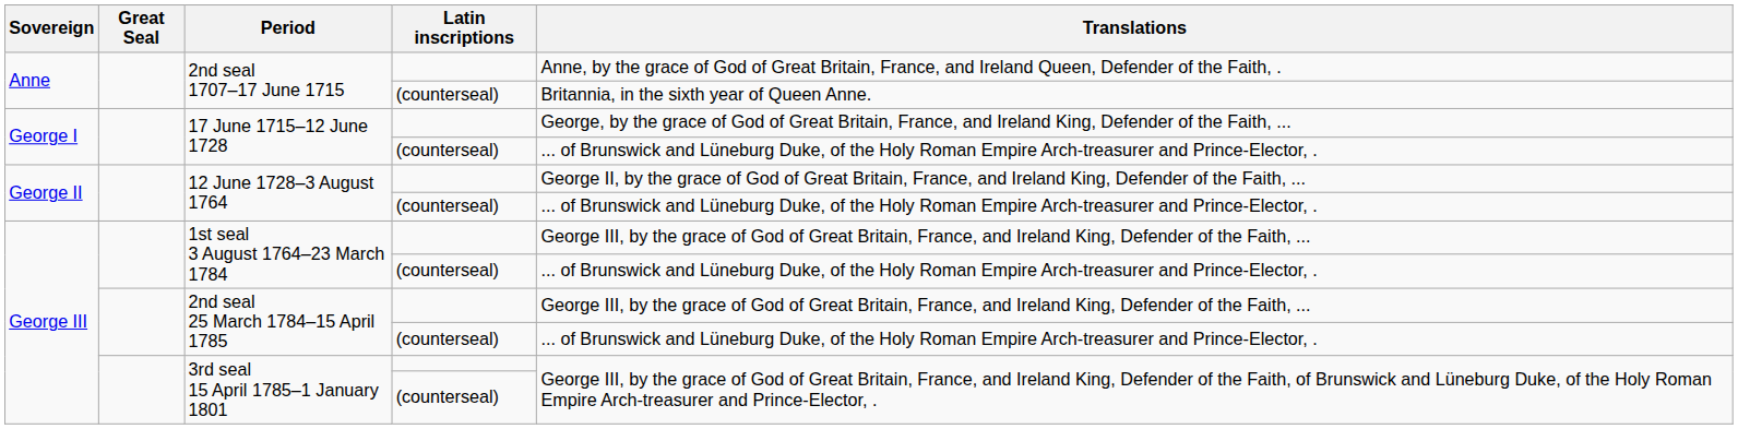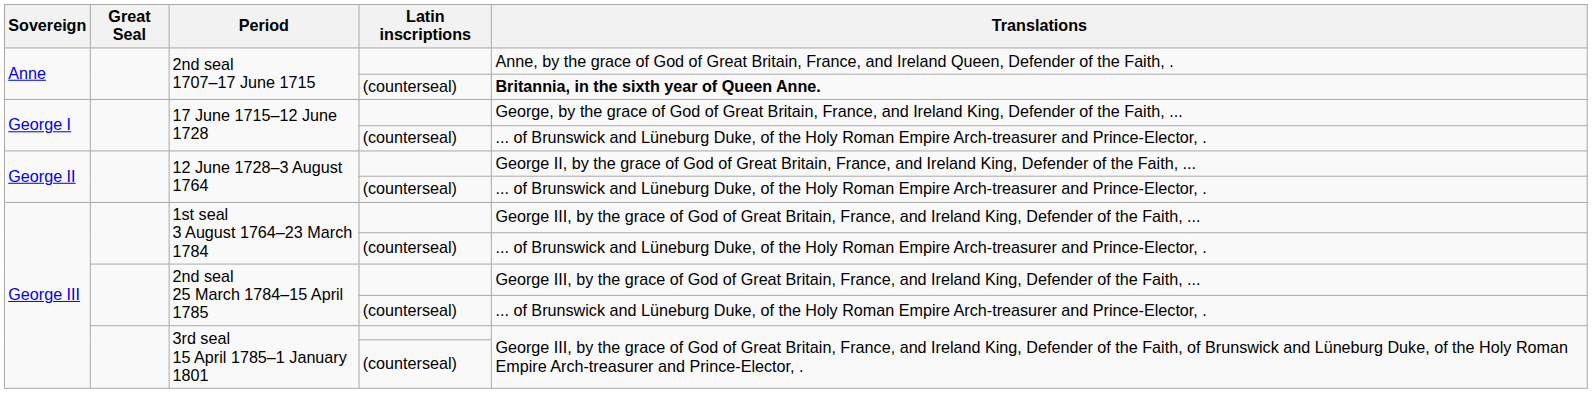 <table class="wikitable">
 <tr>
 <th>Sovereign</th>
 <th>Great Seal</th>
 <th>Period</th>
 <th>Latin inscriptions</th>
 <th>Translations</th>
 </tr>
 <tr>
 <td rowspan="2"><a href='#'>Anne</a></td>
 <td rowspan="2"></td>
 <td rowspan="2">2nd seal<br>1707–17 June 1715</td>
 <td></td>
 <td>Anne, by the grace of God of Great Britain, France, and Ireland Queen, Defender of the Faith, .</td>
 </tr>
 <tr>
 <td> (counterseal)</td>
-<td>Britannia, in the sixth year of Queen Anne.</td>
+<td><strong>Britannia, in the sixth year of Queen Anne.</strong></td>
 </tr>
 <tr>
 <td rowspan="2"><a href='#'>George I</a></td>
 <td rowspan="2"></td>
 <td rowspan="2">17 June 1715–12 June 1728</td>
 <td></td>
 <td>George, by the grace of God of Great Britain, France, and Ireland King, Defender of the Faith, ...</td>
 </tr>
 <tr>
 <td> (counterseal)</td>
 <td>... of Brunswick and Lüneburg Duke, of the Holy Roman Empire Arch-treasurer and Prince-Elector, .</td>
 </tr>
 <tr>
 <td rowspan="2"><a href='#'>George II</a></td>
 <td rowspan="2"></td>
 <td rowspan="2">12 June 1728–3 August 1764</td>
 <td></td>
 <td>George II, by the grace of God of Great Britain, France, and Ireland King, Defender of the Faith, ...</td>
 </tr>
 <tr>
 <td> (counterseal)</td>
 <td>... of Brunswick and Lüneburg Duke, of the Holy Roman Empire Arch-treasurer and Prince-Elector, .</td>
 </tr>
 <tr>
 <td rowspan="6"><a href='#'>George III</a></td>
 <td rowspan="2"></td>
 <td rowspan="2">1st seal<br>3 August 1764–23 March 1784</td>
 <td></td>
 <td>George III, by the grace of God of Great Britain, France, and Ireland King, Defender of the Faith, ...</td>
 </tr>
 <tr>
 <td> (counterseal)</td>
 <td>... of Brunswick and Lüneburg Duke, of the Holy Roman Empire Arch-treasurer and Prince-Elector, .</td>
 </tr>
 <tr>
 <td rowspan="2"></td>
 <td rowspan="2">2nd seal<br>25 March 1784–15 April 1785</td>
 <td></td>
 <td>George III, by the grace of God of Great Britain, France, and Ireland King, Defender of the Faith, ...</td>
 </tr>
 <tr>
 <td> (counterseal)</td>
 <td>... of Brunswick and Lüneburg Duke, of the Holy Roman Empire Arch-treasurer and Prince-Elector, .</td>
 </tr>
 <tr>
 <td rowspan="2"></td>
 <td rowspan="2">3rd seal<br>15 April 1785–1 January 1801</td>
 <td></td>
 <td rowspan="2">George III, by the grace of God of Great Britain, France, and Ireland King, Defender of the Faith, of Brunswick and Lüneburg Duke, of the Holy Roman Empire Arch-treasurer and Prince-Elector, .</td>
 </tr>
 <tr>
 <td> (counterseal)</td>
 </tr>
 </table>
